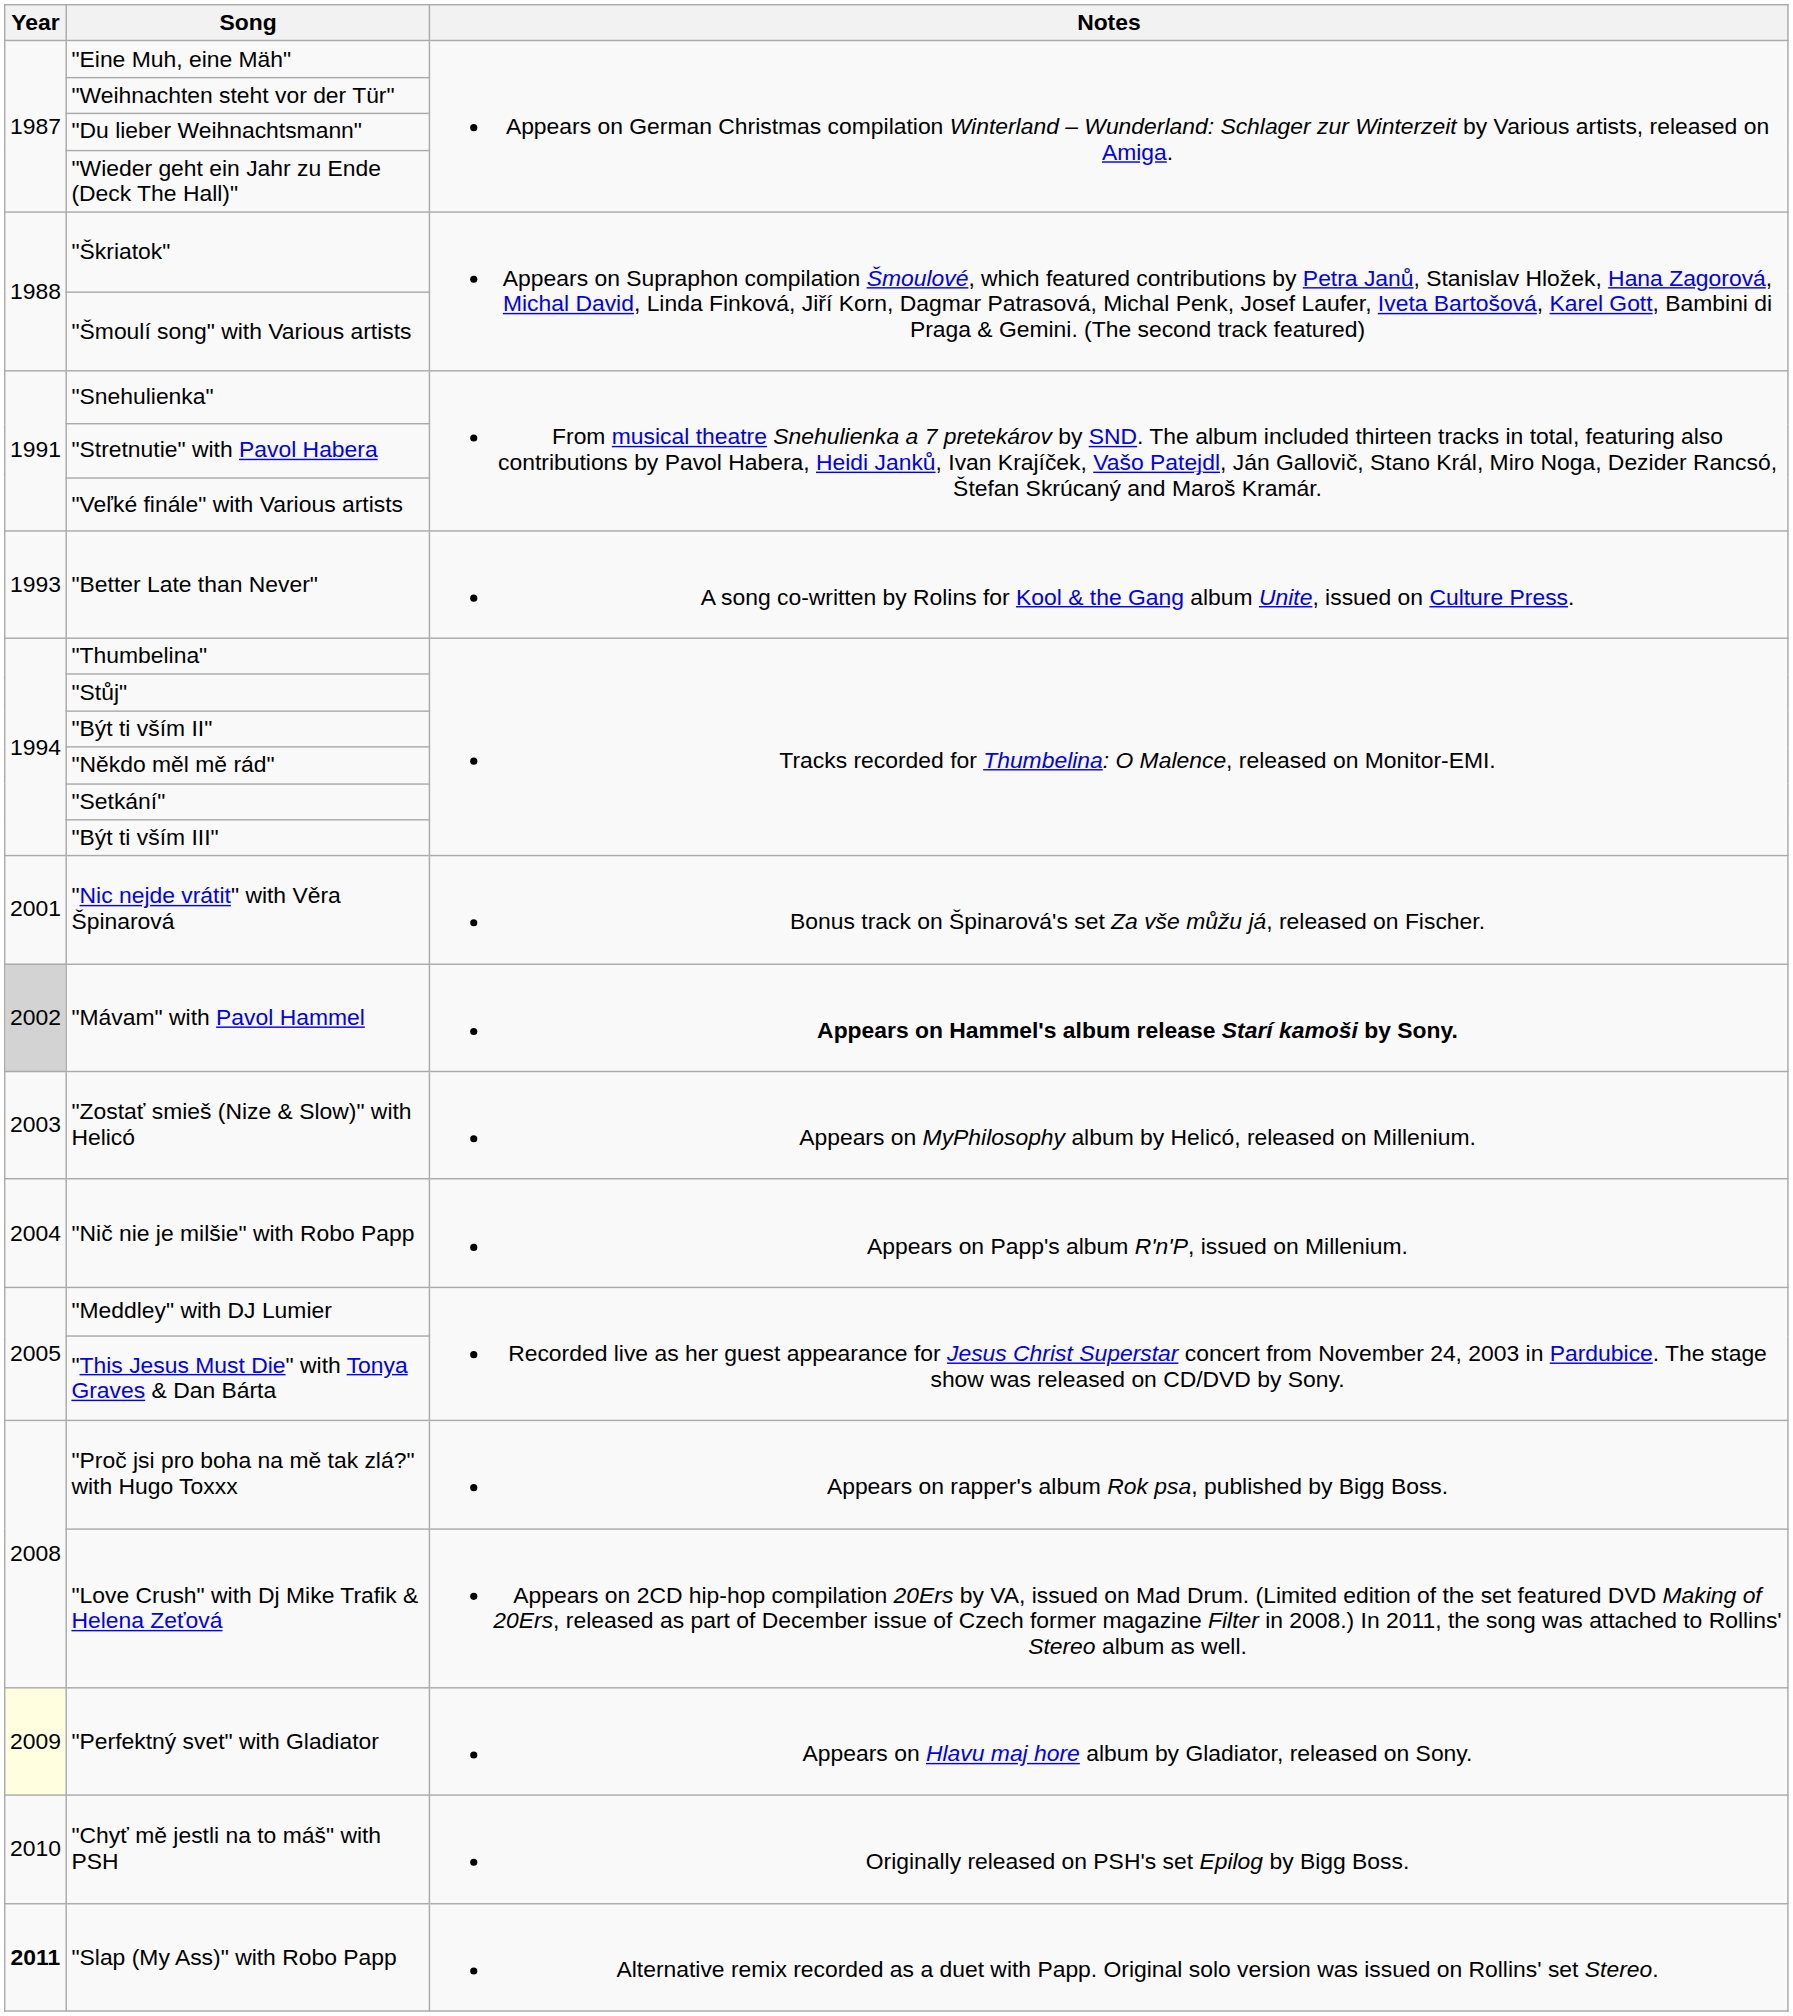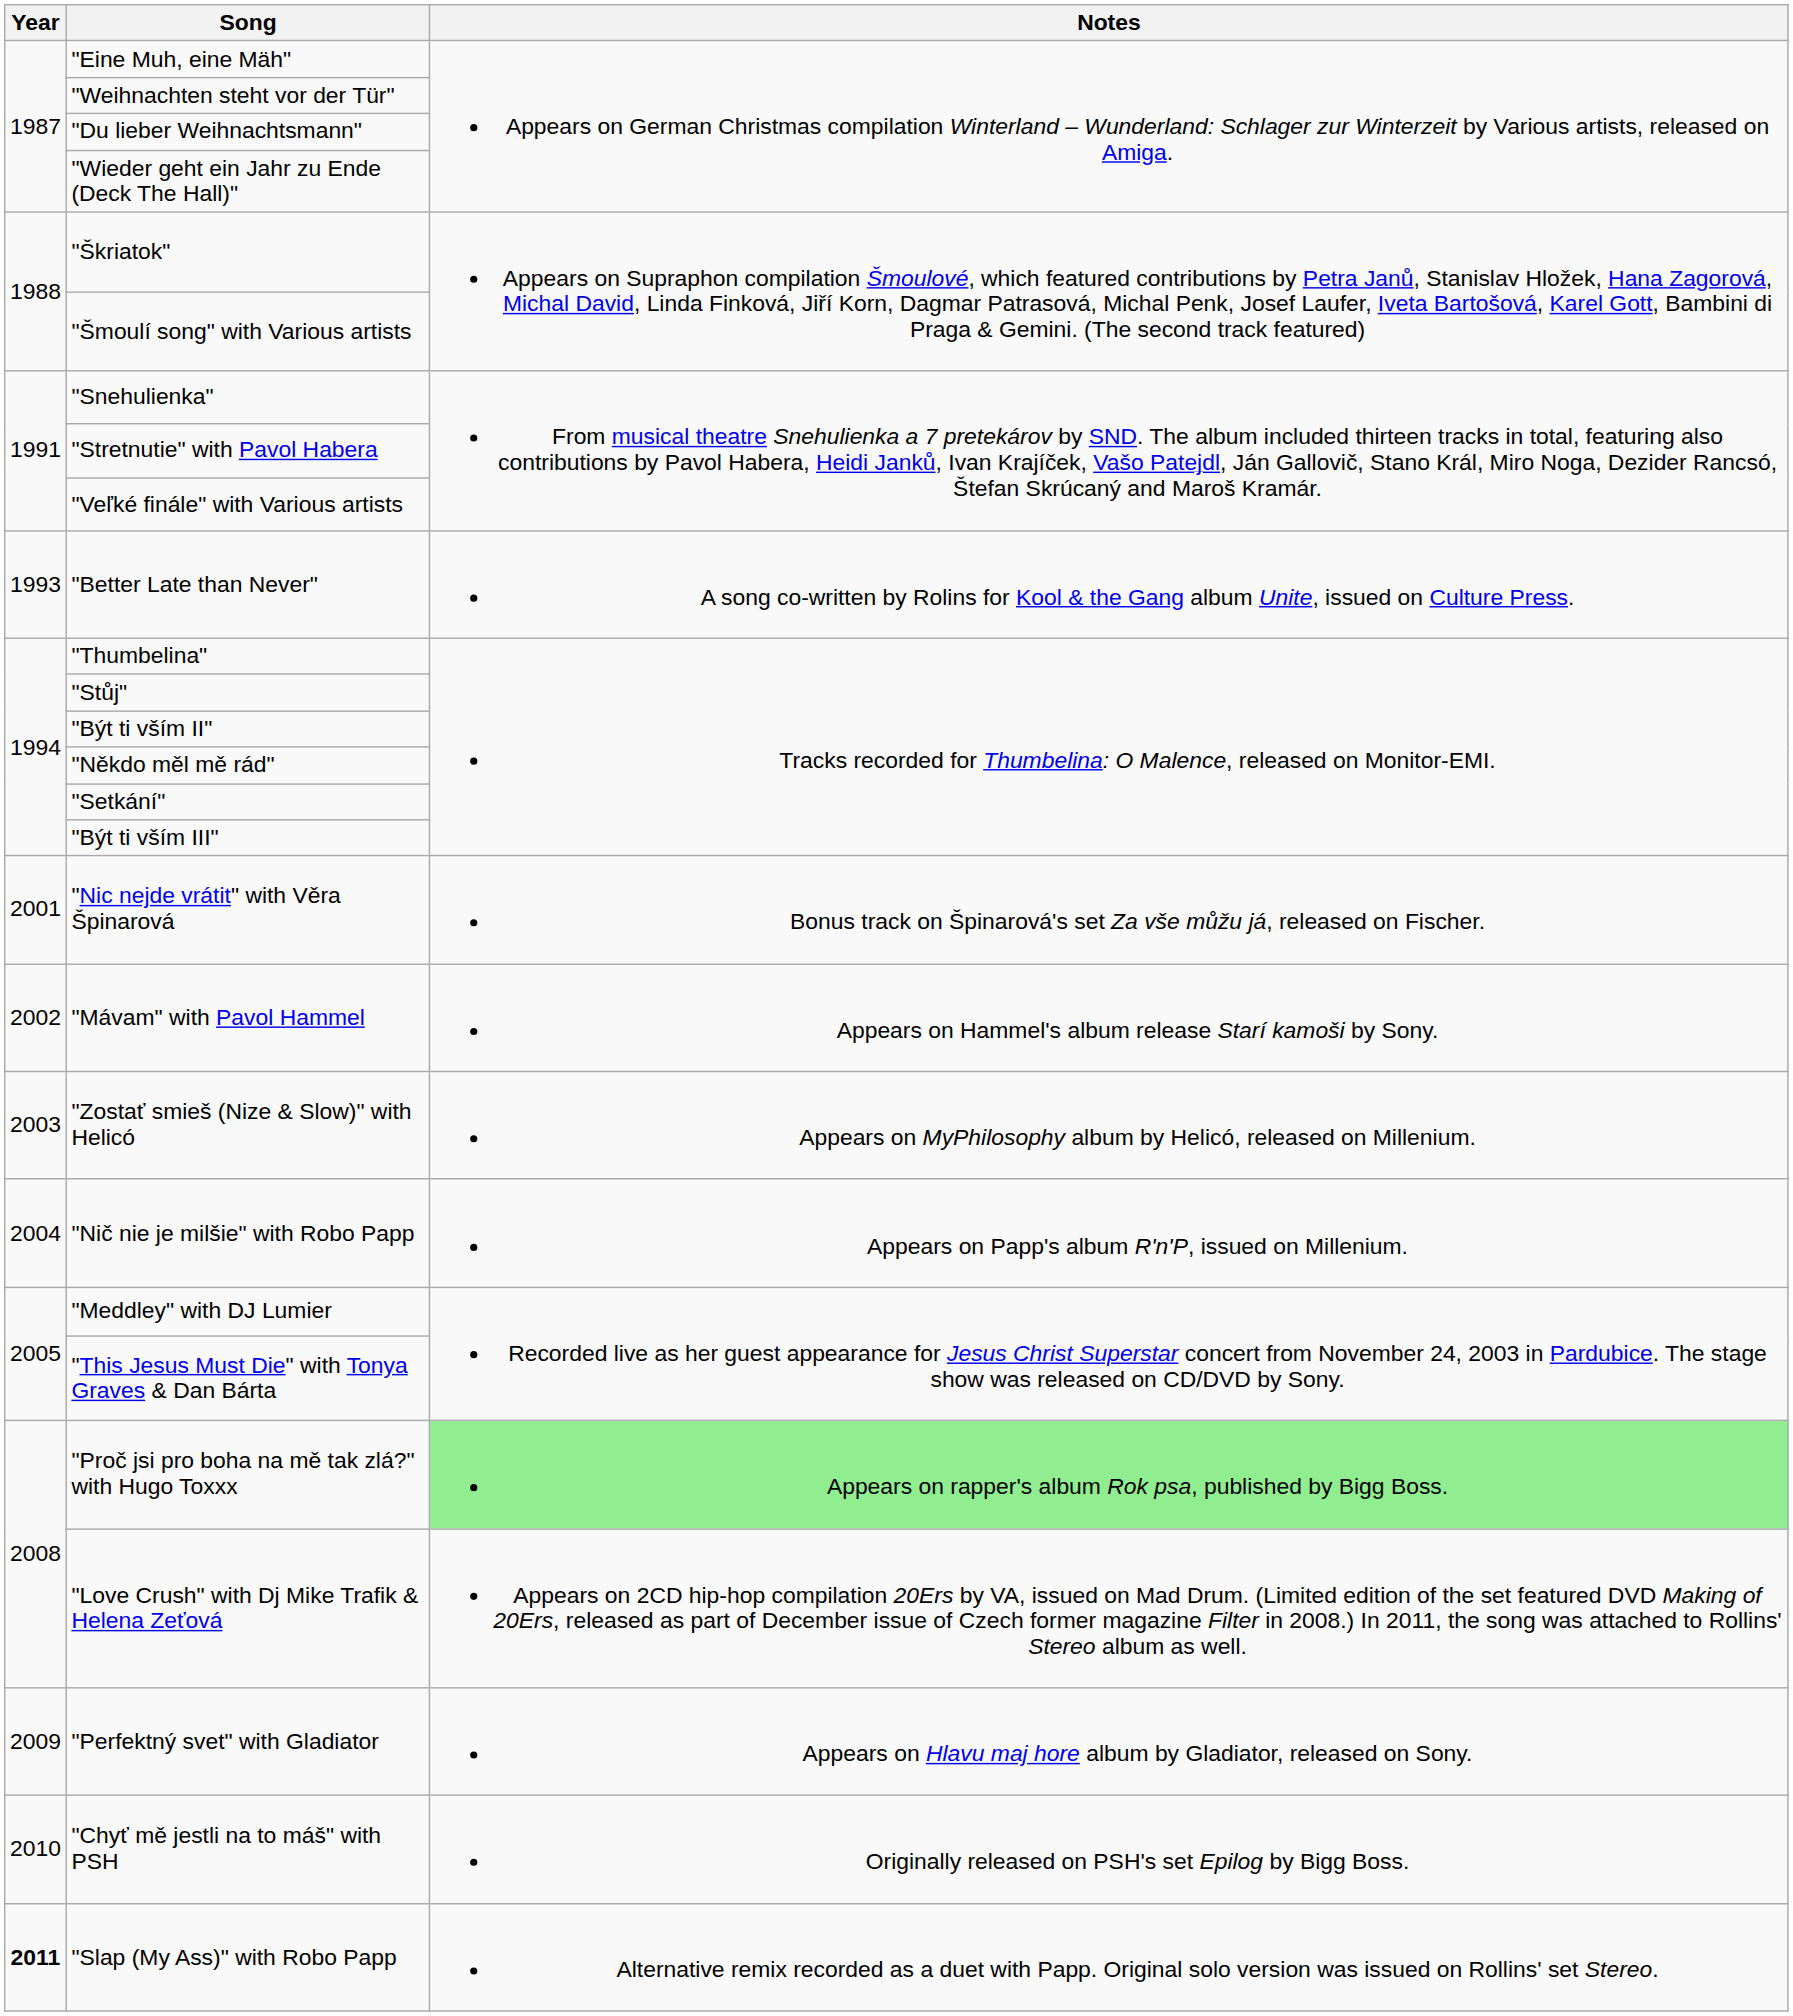 <table class="wikitable" style="text-align:center;">
 <tr>
 <th width="5">Year</th>
 <th width="247">Song</th>
 <th>Notes</th>
 </tr>
 <tr>
 <td rowspan="4">1987</td>
 <td align="left">"Eine Muh, eine Mäh"</td>
 <td rowspan="4"><br><ul><li>Appears on German Christmas compilation <em>Winterland – Wunderland: Schlager zur Winterzeit</em> by Various artists, released on <a href='#'>Amiga</a>.</li></ul></td>
 </tr>
 <tr>
 <td align="left">"Weihnachten steht vor der Tür"</td>
 </tr>
 <tr>
 <td align="left">"Du lieber Weihnachtsmann"</td>
 </tr>
 <tr>
 <td align="left">"Wieder geht ein Jahr zu Ende (Deck The Hall)"</td>
 </tr>
 <tr>
 <td rowspan="2">1988</td>
 <td align="left">"Škriatok"</td>
 <td rowspan="2"><br><ul><li>Appears on Supraphon compilation <em><a href='#'>Šmoulové</a></em>, which featured contributions by <a href='#'>Petra Janů</a>, Stanislav Hložek, <a href='#'>Hana Zagorová</a>, <a href='#'>Michal David</a>, Linda Finková, Jiří Korn, Dagmar Patrasová, Michal Penk, Josef Laufer, <a href='#'>Iveta Bartošová</a>, <a href='#'>Karel Gott</a>, Bambini di Praga & Gemini. (The second track featured)</li></ul></td>
 </tr>
 <tr>
 <td align="left">"Šmoulí song" with Various artists</td>
 </tr>
 <tr>
 <td rowspan="3">1991</td>
 <td align="left">"Snehulienka"</td>
 <td rowspan="3"><br><ul><li>From <a href='#'>musical theatre</a> <em>Snehulienka a 7 pretekárov</em> by <a href='#'>SND</a>. The album included thirteen tracks in total, featuring also contributions by Pavol Habera, <a href='#'>Heidi Janků</a>, Ivan Krajíček, <a href='#'>Vašo Patejdl</a>, Ján Gallovič, Stano Král, Miro Noga, Dezider Rancsó, Štefan Skrúcaný and Maroš Kramár.</li></ul></td>
 </tr>
 <tr>
 <td align="left">"Stretnutie" with <a href='#'>Pavol Habera</a></td>
 </tr>
 <tr>
 <td align="left">"Veľké finále" with Various artists</td>
 </tr>
 <tr>
 <td>1993</td>
 <td align="left">"Better Late than Never"</td>
 <td><br><ul><li>A song co-written by Rolins for <a href='#'>Kool & the Gang</a> album <em><a href='#'>Unite</a></em>, issued on <a href='#'>Culture Press</a>.</li></ul></td>
 </tr>
 <tr>
 <td rowspan="6">1994</td>
 <td align="left">"Thumbelina"</td>
 <td rowspan="6"><br><ul><li>Tracks recorded for <em><a href='#'>Thumbelina</a>: O Malence</em>, released on Monitor-EMI.</li></ul></td>
 </tr>
 <tr>
 <td align="left">"Stůj"</td>
 </tr>
 <tr>
 <td align="left">"Být ti vším II"</td>
 </tr>
 <tr>
 <td align="left">"Někdo měl mě rád"</td>
 </tr>
 <tr>
 <td align="left">"Setkání"</td>
 </tr>
 <tr>
 <td align="left">"Být ti vším III"</td>
 </tr>
 <tr>
 <td>2001</td>
 <td align="left">"<a href='#'>Nic nejde vrátit</a>" with Věra Špinarová</td>
 <td><br><ul><li>Bonus track on Špinarová's set <em>Za vše můžu já</em>, released on Fischer.</li></ul></td>
 </tr>
 <tr>
-<td style="background: lightgrey;">2002</td>
+<td>2002</td>
 <td align="left">"Mávam" with <a href='#'>Pavol Hammel</a></td>
-<td><strong><br><ul><li>Appears on Hammel's album release <em>Starí kamoši</em> by Sony.</li></ul></strong></td>
+<td><br><ul><li>Appears on Hammel's album release <em>Starí kamoši</em> by Sony.</li></ul></td>
 </tr>
 <tr>
 <td>2003</td>
 <td align="left">"Zostať smieš (Nize & Slow)" with Helicó</td>
 <td><br><ul><li>Appears on <em>MyPhilosophy</em> album by Helicó, released on Millenium.</li></ul></td>
 </tr>
 <tr>
 <td>2004</td>
 <td align="left">"Nič nie je milšie" with Robo Papp</td>
 <td><br><ul><li>Appears on Papp's album <em>R'n'P</em>, issued on Millenium.</li></ul></td>
 </tr>
 <tr>
 <td rowspan ="2">2005</td>
 <td align="left">"Meddley" with DJ Lumier</td>
 <td rowspan="2"><br><ul><li>Recorded live as her guest appearance for <em><a href='#'>Jesus Christ Superstar</a></em> concert from November 24, 2003 in <a href='#'>Pardubice</a>. The stage show was released on CD/DVD by Sony.</li></ul></td>
 </tr>
 <tr>
 <td align="left">"<a href='#'>This Jesus Must Die</a>" with <a href='#'>Tonya Graves</a> & Dan Bárta</td>
 </tr>
 <tr>
 <td rowspan="2">2008</td>
 <td align="left">"Proč jsi pro boha na mě tak zlá?" with Hugo Toxxx</td>
-<td><br><ul><li>Appears on rapper's album <em>Rok psa</em>, published by Bigg Boss.</li></ul></td>
+<td style="background: lightgreen;"><br><ul><li>Appears on rapper's album <em>Rok psa</em>, published by Bigg Boss.</li></ul></td>
 </tr>
 <tr>
 <td align="left">"Love Crush" with Dj Mike Trafik & <a href='#'>Helena Zeťová</a></td>
 <td><br><ul><li>Appears on 2CD hip-hop compilation <em>20Ers</em> by VA, issued on Mad Drum. (Limited edition of the set featured DVD <em>Making of 20Ers</em>, released as part of December issue of Czech former magazine <em>Filter</em> in 2008.) In 2011, the song was attached to Rollins' <em>Stereo</em> album as well.</li></ul></td>
 </tr>
 <tr>
-<td style="background: lightyellow;">2009</td>
+<td>2009</td>
 <td align="left">"Perfektný svet" with Gladiator</td>
 <td><br><ul><li>Appears on <em><a href='#'>Hlavu maj hore</a></em> album by Gladiator, released on Sony.</li></ul></td>
 </tr>
 <tr>
 <td>2010</td>
 <td align="left">"Chyť mě jestli na to máš" with PSH</td>
 <td><br><ul><li>Originally released on PSH's set <em>Epilog</em> by Bigg Boss.</li></ul></td>
 </tr>
 <tr>
 <td><strong>2011</strong></td>
 <td align="left">"Slap (My Ass)" with Robo Papp</td>
 <td><br><ul><li>Alternative remix recorded as a duet with Papp. Original solo version was issued on Rollins' set <em>Stereo</em>.</li></ul></td>
 </tr>
 </table>
